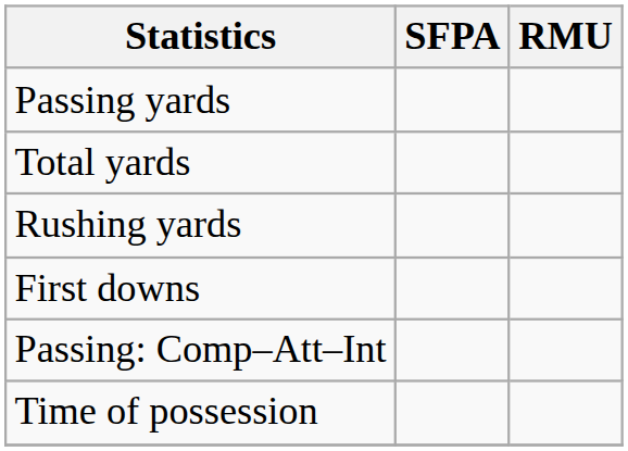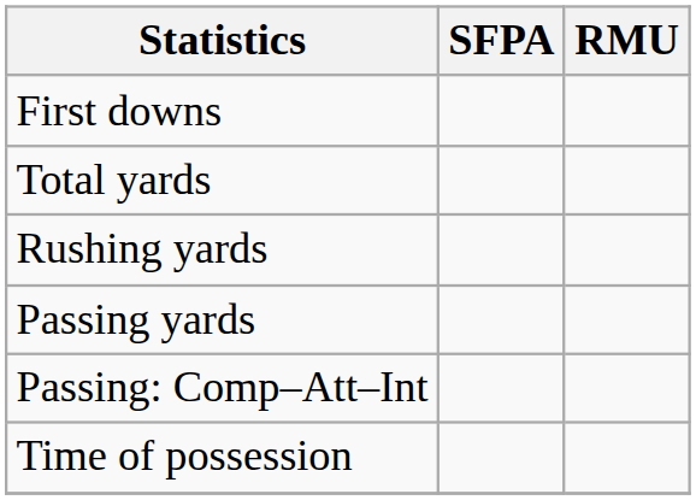 <table class="wikitable" style="float: left;">
 <tr>
 <th>Statistics</th>
 <th>SFPA</th>
 <th>RMU</th>
 </tr>
 <tr>
-<td>Passing yards</td>
+<td>First downs</td>
 <td></td>
 <td></td>
 </tr>
 <tr>
 <td>Total yards</td>
 <td></td>
 <td></td>
 </tr>
 <tr>
 <td>Rushing yards</td>
 <td></td>
 <td></td>
 </tr>
 <tr>
-<td>First downs</td>
+<td>Passing yards</td>
 <td></td>
 <td></td>
 </tr>
 <tr>
 <td>Passing: Comp–Att–Int</td>
 <td></td>
 <td></td>
 </tr>
 <tr>
 <td>Time of possession</td>
 <td></td>
 <td></td>
 </tr>
 <tr>
 </tr>
 </table>
